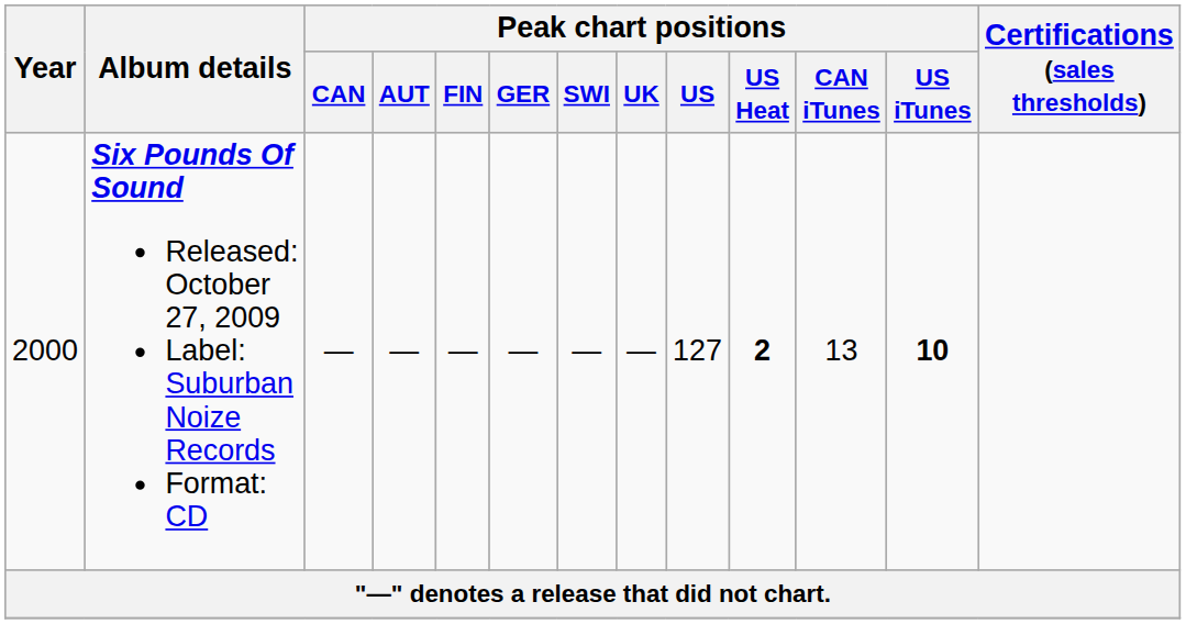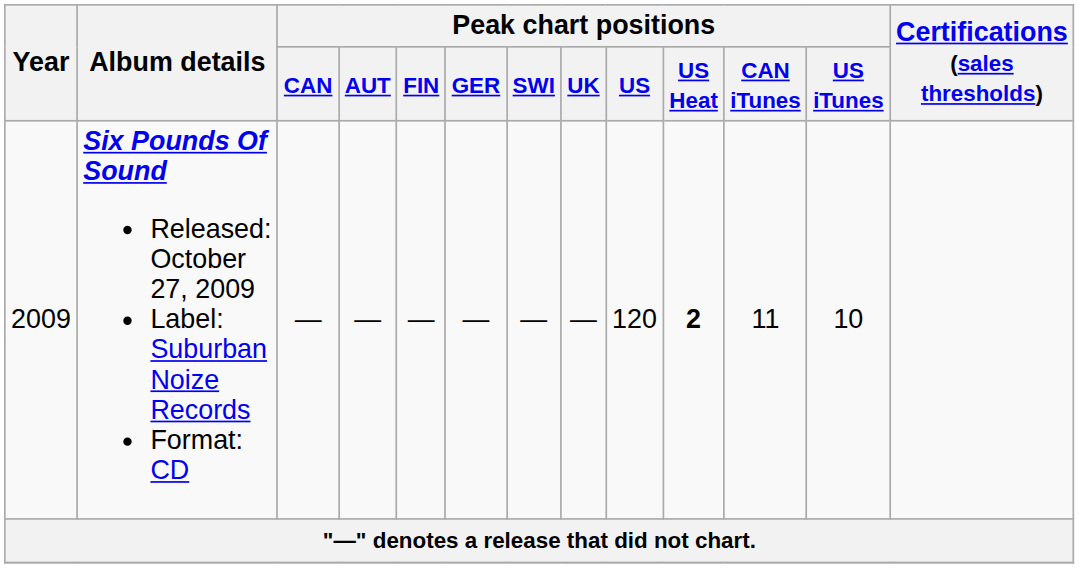 <table class="wikitable">
 <tr>
 <th rowspan="2" width="33">Year</th>
 <th rowspan="2" width="250">Album details</th>
 <th colspan="10">Peak chart positions</th>
 <th rowspan="2" width="150"><a href='#'>Certifications</a><br><small>(<a href='#'>sales thresholds</a>)</small></th>
 </tr>
 <tr>
 <th width="30"><small><a href='#'>CAN</a></small></th>
 <th width="30"><small><a href='#'>AUT</a></small></th>
 <th width="30"><small><a href='#'>FIN</a></small></th>
 <th width="30"><small><a href='#'>GER</a></small></th>
 <th width="30"><small><a href='#'>SWI</a></small></th>
 <th width="30"><small><a href='#'>UK</a></small></th>
 <th width="30"><small><a href='#'>US</a></small></th>
 <th width="30"><small><a href='#'>US Heat</a></small></th>
 <th width="30"><small><a href='#'>CAN iTunes</a></small></th>
 <th width="30"><small><a href='#'>US iTunes</a></small></th>
 </tr>
 <tr>
-<td align="center">2000</td>
+<td align="center">2009</td>
 <td><strong><em><a href='#'>Six Pounds Of Sound</a></em></strong><br><ul><li>Released: October 27, 2009</li><li>Label: <a href='#'>Suburban Noize Records</a></li><li>Format: <a href='#'>CD</a></li></ul></td>
 <td align="center">—</td>
 <td align="center">—</td>
 <td align="center">—</td>
 <td align="center">—</td>
 <td align="center">—</td>
 <td align="center">—</td>
-<td align="center">127</td>
+<td align="center">120</td>
 <td align="center"><strong>2</strong></td>
-<td align="center">13</td>
-<td align="center"><strong>10</strong></td>
+<td align="center">11</td>
+<td align="center">10</td>
 <td></td>
 </tr>
 <tr>
 <th colspan="20"><small>"—" denotes a release that did not chart.</small></th>
 </tr>
 <tr>
 </tr>
 </table>
